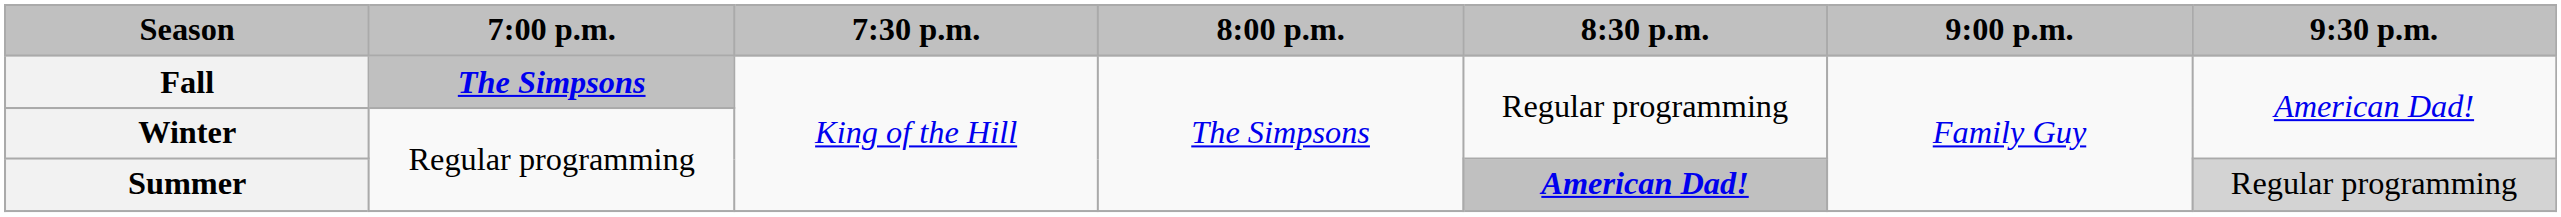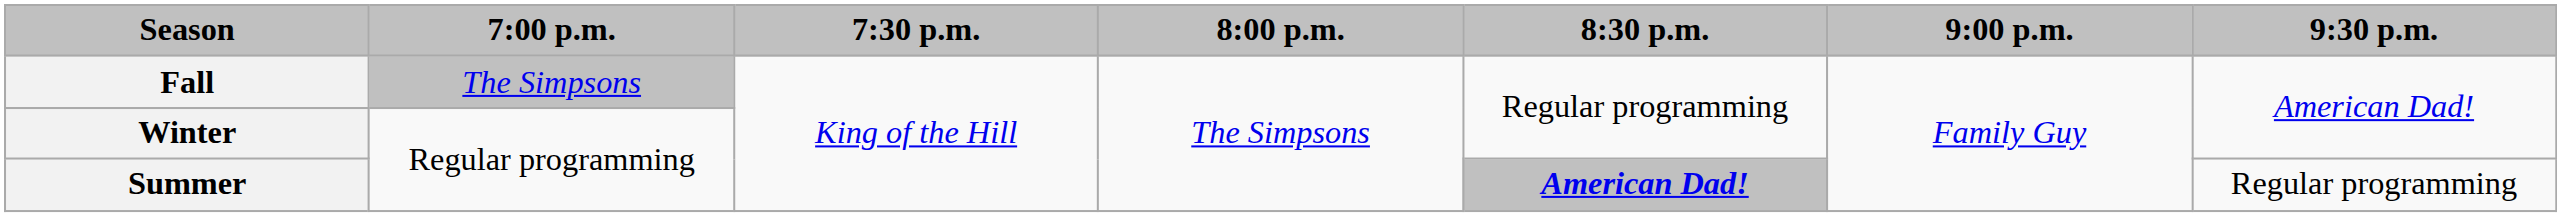 <table class="wikitable" style="width:100%;margin-right:0;text-align:center">
 <tr>
 <th style="background-color:#C0C0C0;text-align:center;width:11.5%;">Season</th>
 <th style="background-color:#C0C0C0;text-align:center;width:11.5%;">7:00 p.m.</th>
 <th style="background-color:#C0C0C0;text-align:center;width:11.5%;">7:30 p.m.</th>
 <th style="background-color:#C0C0C0;text-align:center;width:11.5%;">8:00 p.m.</th>
 <th style="background-color:#C0C0C0;text-align:center;width:11.5%;">8:30 p.m.</th>
 <th style="background-color:#C0C0C0;text-align:center;width:11.5%;">9:00 p.m.</th>
 <th style="background-color:#C0C0C0;text-align:center;width:11.5%;">9:30 p.m.</th>
 </tr>
 <tr>
 <th>Fall</th>
-<td style="background:#C0C0C0;"><strong><em><a href='#'>The Simpsons</a></em> </strong></td>
+<td style="background:#C0C0C0;"><em><a href='#'>The Simpsons</a></em> </td>
 <td rowspan="3"><em><a href='#'>King of the Hill</a></em></td>
 <td rowspan="3"><em><a href='#'>The Simpsons</a></em></td>
 <td rowspan="2">Regular programming</td>
 <td rowspan="3"><em><a href='#'>Family Guy</a></em></td>
 <td rowspan="2"><em><a href='#'>American Dad!</a></em></td>
 </tr>
 <tr>
 <th>Winter</th>
 <td rowspan="2">Regular programming</td>
 </tr>
 <tr>
 <th>Summer</th>
 <td style="background:#C0C0C0;"><strong><em><a href='#'>American Dad!</a></em> </strong></td>
-<td style="background: lightgrey;">Regular programming</td>
+<td>Regular programming</td>
 </tr>
 </table>
